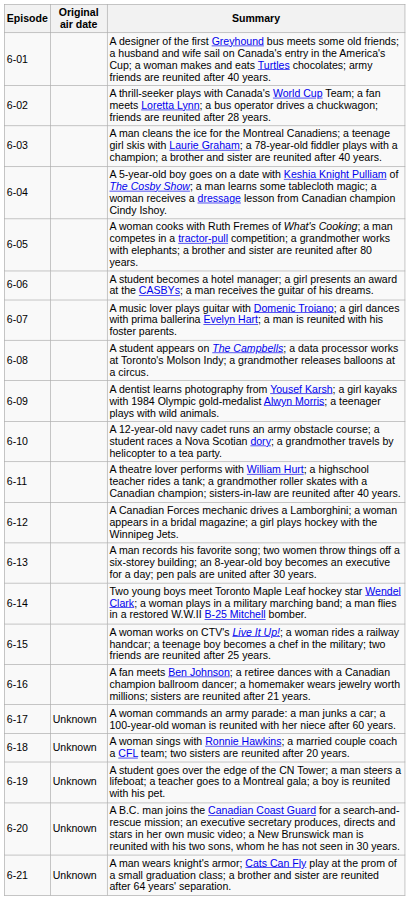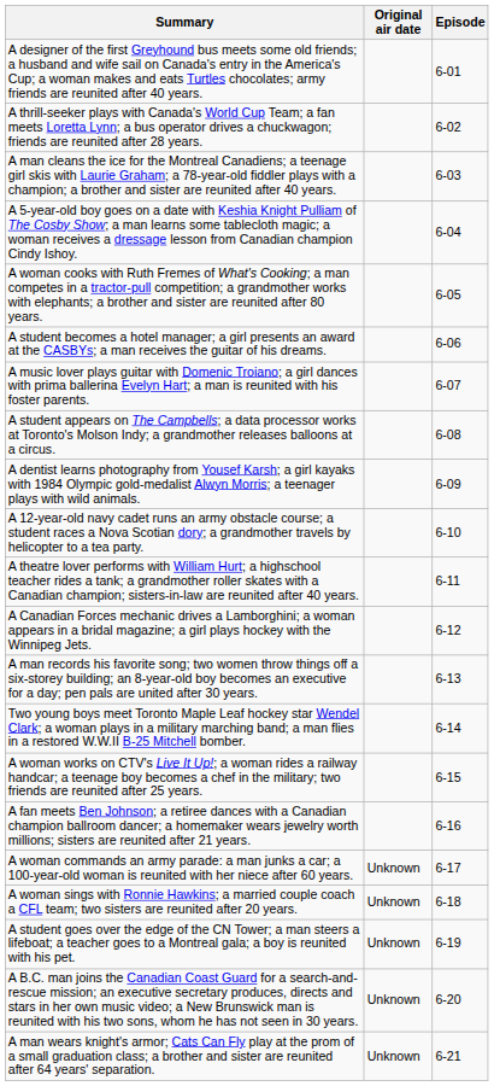 <table " class="wikitable" sortable">
 <tr>
+<th scope="col">Summary</th>
+<th scope="col">Original air date</th>
 <th scope="col">Episode</th>
-<th scope="col">Original air date</th>
-<th scope="col">Summary</th>
 </tr>
 <tr>
+<td>A designer of the first <a href='#'>Greyhound</a> bus meets some old friends; a husband and wife sail on Canada's entry in the America's Cup; a woman makes and eats <a href='#'>Turtles</a> chocolates; army friends are reunited after 40 years.</td>
+<td style=white-space:nowrap></td>
 <td>6-01</td>
-<td style=white-space:nowrap></td>
-<td>A designer of the first <a href='#'>Greyhound</a> bus meets some old friends; a husband and wife sail on Canada's entry in the America's Cup; a woman makes and eats <a href='#'>Turtles</a> chocolates; army friends are reunited after 40 years.</td>
 </tr>
 <tr>
+<td>A thrill-seeker plays with Canada's <a href='#'>World Cup</a> Team; a fan meets <a href='#'>Loretta Lynn</a>; a bus operator drives a chuckwagon; friends are reunited after 28 years.</td>
+<td style=white-space:nowrap></td>
 <td>6-02</td>
-<td style=white-space:nowrap></td>
-<td>A thrill-seeker plays with Canada's <a href='#'>World Cup</a> Team; a fan meets <a href='#'>Loretta Lynn</a>; a bus operator drives a chuckwagon; friends are reunited after 28 years.</td>
 </tr>
 <tr>
+<td>A man cleans the ice for the Montreal Canadiens; a teenage girl skis with <a href='#'>Laurie Graham</a>; a 78-year-old fiddler plays with a champion; a brother and sister are reunited after 40 years.</td>
+<td style=white-space:nowrap></td>
 <td>6-03</td>
-<td style=white-space:nowrap></td>
-<td>A man cleans the ice for the Montreal Canadiens; a teenage girl skis with <a href='#'>Laurie Graham</a>; a 78-year-old fiddler plays with a champion; a brother and sister are reunited after 40 years.</td>
 </tr>
 <tr>
+<td>A 5-year-old boy goes on a date with <a href='#'>Keshia Knight Pulliam</a> of <em><a href='#'>The Cosby Show</a></em>; a man learns some tablecloth magic; a woman receives a <a href='#'>dressage</a> lesson from Canadian champion Cindy Ishoy.</td>
+<td style=white-space:nowrap></td>
 <td>6-04</td>
-<td style=white-space:nowrap></td>
-<td>A 5-year-old boy goes on a date with <a href='#'>Keshia Knight Pulliam</a> of <em><a href='#'>The Cosby Show</a></em>; a man learns some tablecloth magic; a woman receives a <a href='#'>dressage</a> lesson from Canadian champion Cindy Ishoy.</td>
 </tr>
 <tr>
+<td>A woman cooks with Ruth Fremes of <em>What's Cooking</em>; a man competes in a <a href='#'>tractor-pull</a> competition; a grandmother works with elephants; a brother and sister are reunited after 80 years.</td>
+<td style=white-space:nowrap></td>
 <td>6-05</td>
-<td style=white-space:nowrap></td>
-<td>A woman cooks with Ruth Fremes of <em>What's Cooking</em>; a man competes in a <a href='#'>tractor-pull</a> competition; a grandmother works with elephants; a brother and sister are reunited after 80 years.</td>
 </tr>
 <tr>
+<td>A student becomes a hotel manager; a girl presents an award at the <a href='#'>CASBYs</a>; a man receives the guitar of his dreams.</td>
+<td style=white-space:nowrap></td>
 <td>6-06</td>
-<td style=white-space:nowrap></td>
-<td>A student becomes a hotel manager; a girl presents an award at the <a href='#'>CASBYs</a>; a man receives the guitar of his dreams.</td>
 </tr>
 <tr>
+<td>A music lover plays guitar with <a href='#'>Domenic Troiano</a>; a girl dances with prima ballerina <a href='#'>Evelyn Hart</a>; a man is reunited with his foster parents.</td>
+<td style=white-space:nowrap></td>
 <td>6-07</td>
-<td style=white-space:nowrap></td>
-<td>A music lover plays guitar with <a href='#'>Domenic Troiano</a>; a girl dances with prima ballerina <a href='#'>Evelyn Hart</a>; a man is reunited with his foster parents.</td>
 </tr>
 <tr>
+<td>A student appears on <em><a href='#'>The Campbells</a></em>; a data processor works at Toronto's Molson Indy; a grandmother releases balloons at a circus.</td>
+<td style=white-space:nowrap></td>
 <td>6-08</td>
-<td style=white-space:nowrap></td>
-<td>A student appears on <em><a href='#'>The Campbells</a></em>; a data processor works at Toronto's Molson Indy; a grandmother releases balloons at a circus.</td>
 </tr>
 <tr>
+<td>A dentist learns photography from <a href='#'>Yousef Karsh</a>; a girl kayaks with 1984 Olympic gold-medalist <a href='#'>Alwyn Morris</a>; a teenager plays with wild animals.</td>
+<td style=white-space:nowrap></td>
 <td>6-09</td>
-<td style=white-space:nowrap></td>
-<td>A dentist learns photography from <a href='#'>Yousef Karsh</a>; a girl kayaks with 1984 Olympic gold-medalist <a href='#'>Alwyn Morris</a>; a teenager plays with wild animals.</td>
 </tr>
 <tr>
+<td>A 12-year-old navy cadet runs an army obstacle course; a student races a Nova Scotian <a href='#'>dory</a>; a grandmother travels by helicopter to a tea party.</td>
+<td style=white-space:nowrap></td>
 <td>6-10</td>
-<td style=white-space:nowrap></td>
-<td>A 12-year-old navy cadet runs an army obstacle course; a student races a Nova Scotian <a href='#'>dory</a>; a grandmother travels by helicopter to a tea party.</td>
 </tr>
 <tr>
+<td>A theatre lover performs with <a href='#'>William Hurt</a>; a highschool teacher rides a tank; a grandmother roller skates with a Canadian champion; sisters-in-law are reunited after 40 years.</td>
+<td style=white-space:nowrap></td>
 <td>6-11</td>
-<td style=white-space:nowrap></td>
-<td>A theatre lover performs with <a href='#'>William Hurt</a>; a highschool teacher rides a tank; a grandmother roller skates with a Canadian champion; sisters-in-law are reunited after 40 years.</td>
 </tr>
 <tr>
+<td>A Canadian Forces mechanic drives a Lamborghini; a woman appears in a bridal magazine; a girl plays hockey with the Winnipeg Jets.</td>
+<td style=white-space:nowrap></td>
 <td>6-12</td>
-<td style=white-space:nowrap></td>
-<td>A Canadian Forces mechanic drives a Lamborghini; a woman appears in a bridal magazine; a girl plays hockey with the Winnipeg Jets.</td>
 </tr>
 <tr>
+<td>A man records his favorite song; two women throw things off a six-storey building; an 8-year-old boy becomes an executive for a day; pen pals are united after 30 years.</td>
+<td style=white-space:nowrap></td>
 <td>6-13</td>
-<td style=white-space:nowrap></td>
-<td>A man records his favorite song; two women throw things off a six-storey building; an 8-year-old boy becomes an executive for a day; pen pals are united after 30 years.</td>
 </tr>
 <tr>
+<td>Two young boys meet Toronto Maple Leaf hockey star <a href='#'>Wendel Clark</a>; a woman plays in a military marching band; a man flies in a restored W.W.II <a href='#'>B-25 Mitchell</a> bomber.</td>
+<td style=white-space:nowrap></td>
 <td>6-14</td>
-<td style=white-space:nowrap></td>
-<td>Two young boys meet Toronto Maple Leaf hockey star <a href='#'>Wendel Clark</a>; a woman plays in a military marching band; a man flies in a restored W.W.II <a href='#'>B-25 Mitchell</a> bomber.</td>
 </tr>
 <tr>
+<td>A woman works on CTV's <em><a href='#'>Live It Up!</a></em>; a woman rides a railway handcar; a teenage boy becomes a chef in the military; two friends are reunited after 25 years.</td>
+<td style=white-space:nowrap></td>
 <td>6-15</td>
-<td style=white-space:nowrap></td>
-<td>A woman works on CTV's <em><a href='#'>Live It Up!</a></em>; a woman rides a railway handcar; a teenage boy becomes a chef in the military; two friends are reunited after 25 years.</td>
 </tr>
 <tr>
+<td>A fan meets <a href='#'>Ben Johnson</a>; a retiree dances with a Canadian champion ballroom dancer; a homemaker wears jewelry worth millions; sisters are reunited after 21 years.</td>
+<td style=white-space:nowrap></td>
 <td>6-16</td>
-<td style=white-space:nowrap></td>
-<td>A fan meets <a href='#'>Ben Johnson</a>; a retiree dances with a Canadian champion ballroom dancer; a homemaker wears jewelry worth millions; sisters are reunited after 21 years.</td>
 </tr>
 <tr>
+<td>A woman commands an army parade: a man junks a car; a 100-year-old woman is reunited with her niece after 60 years.</td>
+<td>Unknown</td>
 <td>6-17</td>
-<td>Unknown</td>
-<td>A woman commands an army parade: a man junks a car; a 100-year-old woman is reunited with her niece after 60 years.</td>
 </tr>
 <tr>
+<td>A woman sings with <a href='#'>Ronnie Hawkins</a>; a married couple coach a <a href='#'>CFL</a> team; two sisters are reunited after 20 years.</td>
+<td>Unknown</td>
 <td>6-18</td>
-<td>Unknown</td>
-<td>A woman sings with <a href='#'>Ronnie Hawkins</a>; a married couple coach a <a href='#'>CFL</a> team; two sisters are reunited after 20 years.</td>
 </tr>
 <tr>
+<td>A student goes over the edge of the CN Tower; a man steers a lifeboat; a teacher goes to a Montreal gala; a boy is reunited with his pet.</td>
+<td>Unknown</td>
 <td>6-19</td>
-<td>Unknown</td>
-<td>A student goes over the edge of the CN Tower; a man steers a lifeboat; a teacher goes to a Montreal gala; a boy is reunited with his pet.</td>
 </tr>
 <tr>
+<td>A B.C. man joins the <a href='#'>Canadian Coast Guard</a> for a search-and-rescue mission; an executive secretary produces, directs and stars in her own music video; a New Brunswick man is reunited with his two sons, whom he has not seen in 30 years.</td>
+<td>Unknown</td>
 <td>6-20</td>
-<td>Unknown</td>
-<td>A B.C. man joins the <a href='#'>Canadian Coast Guard</a> for a search-and-rescue mission; an executive secretary produces, directs and stars in her own music video; a New Brunswick man is reunited with his two sons, whom he has not seen in 30 years.</td>
 </tr>
 <tr>
+<td>A man wears knight's armor; <a href='#'>Cats Can Fly</a> play at the prom of a small graduation class; a brother and sister are reunited after 64 years' separation.</td>
+<td>Unknown</td>
 <td>6-21</td>
-<td>Unknown</td>
-<td>A man wears knight's armor; <a href='#'>Cats Can Fly</a> play at the prom of a small graduation class; a brother and sister are reunited after 64 years' separation.</td>
 </tr>
 </table>
